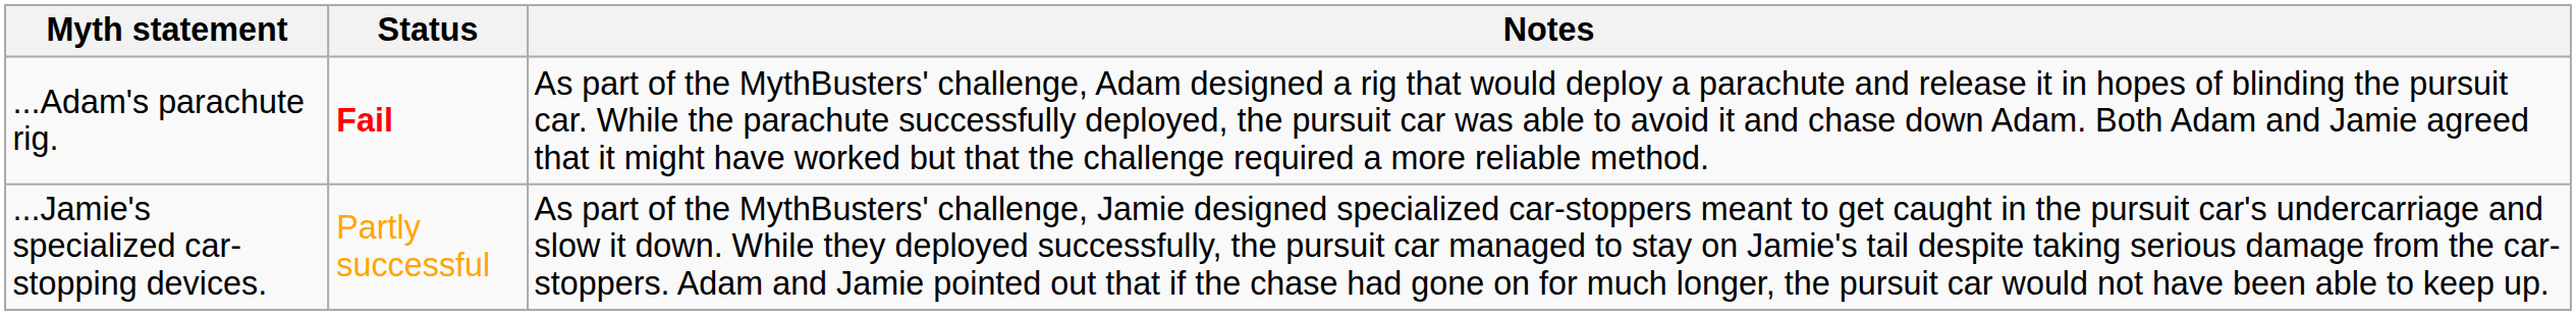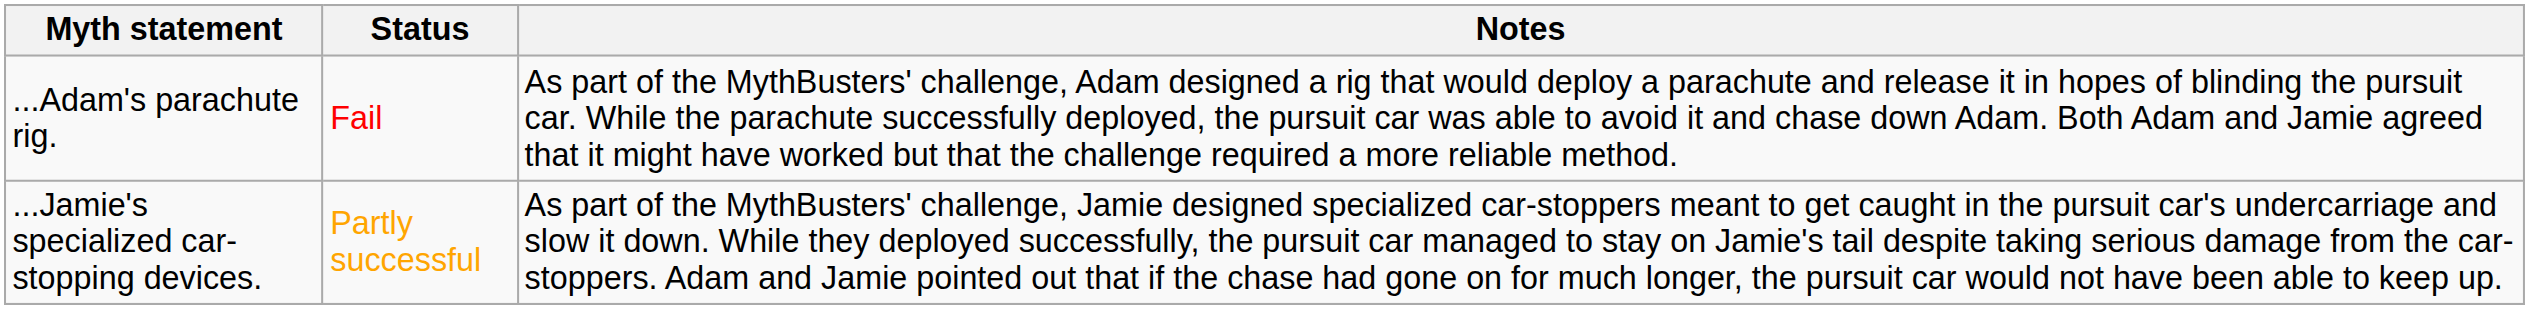 <table class="wikitable plainrowheaders">
 <tr>
 <th>Myth statement</th>
 <th>Status</th>
 <th>Notes</th>
 </tr>
 <tr>
 <td>...Adam's parachute rig.</td>
-<td style="color:red"><strong>Fail</strong></td>
+<td style="color:red">Fail</td>
 <td>As part of the MythBusters' challenge, Adam designed a rig that would deploy a parachute and release it in hopes of blinding the pursuit car. While the parachute successfully deployed, the pursuit car was able to avoid it and chase down Adam. Both Adam and Jamie agreed that it might have worked but that the challenge required a more reliable method.</td>
 </tr>
 <tr>
 <td>...Jamie's specialized car-stopping devices.</td>
 <td style="color:orange">Partly successful</td>
 <td>As part of the MythBusters' challenge, Jamie designed specialized car-stoppers meant to get caught in the pursuit car's undercarriage and slow it down. While they deployed successfully, the pursuit car managed to stay on Jamie's tail despite taking serious damage from the car-stoppers. Adam and Jamie pointed out that if the chase had gone on for much longer, the pursuit car would not have been able to keep up.</td>
 </tr>
 <tr>
 </tr>
 </table>
